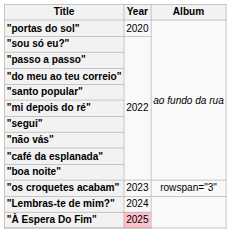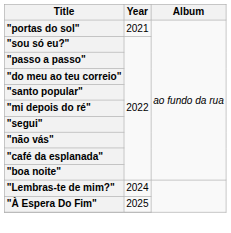 <table class="wikitable plainrowheaders" style="text-align:center;">
 <tr>
 <th scope="col">Title</th>
 <th scope="col">Year</th>
 <th scope="col">Album</th>
 </tr>
 <tr>
 <th scope="row"; style="text-align:left;">"portas do sol"</th>
-<td>2020</td>
+<td>2021</td>
 <td rowspan="10"><em>ao fundo da rua</em></td>
 </tr>
 <tr>
 <th scope="row"; style="text-align:left;">"sou só eu?"</th>
 <td rowspan="9">2022</td>
 </tr>
 <tr>
 <th scope="row"; style="text-align:left;">"passo a passo"</th>
 </tr>
 <tr>
 <th scope="row"; style="text-align:left;">"do meu ao teu correio"</th>
 </tr>
 <tr>
 <th scope="row"; style="text-align:left;">"santo popular"</th>
 </tr>
 <tr>
 <th scope="row"; style="text-align:left;">"mi depois do ré"</th>
 </tr>
 <tr>
 <th scope="row"; style="text-align:left;">"segui"</th>
 </tr>
 <tr>
 <th scope="row"; style="text-align:left;">"não vás"</th>
 </tr>
 <tr>
 <th scope="row"; style="text-align:left;">"café da esplanada"</th>
 </tr>
 <tr>
 <th scope="row"; style="text-align:left;">"boa noite"</th>
 </tr>
 <tr>
-<th scope="row"; style="text-align:left;">"os croquetes acabam"</th>
-<td>2023</td>
-<td>rowspan="3" <em></em></td>
-</tr>
-<tr>
 <th scope="row"; style="text-align:left;">"Lembras-te de mim?" </th>
 <td>2024</td>
 </tr>
 <tr>
 <th scope="row"; style="text-align:left;">"À Espera Do Fim" </th>
-<td style="background: pink;">2025</td>
+<td>2025</td>
 </tr>
 <tr>
 </tr>
 </table>
